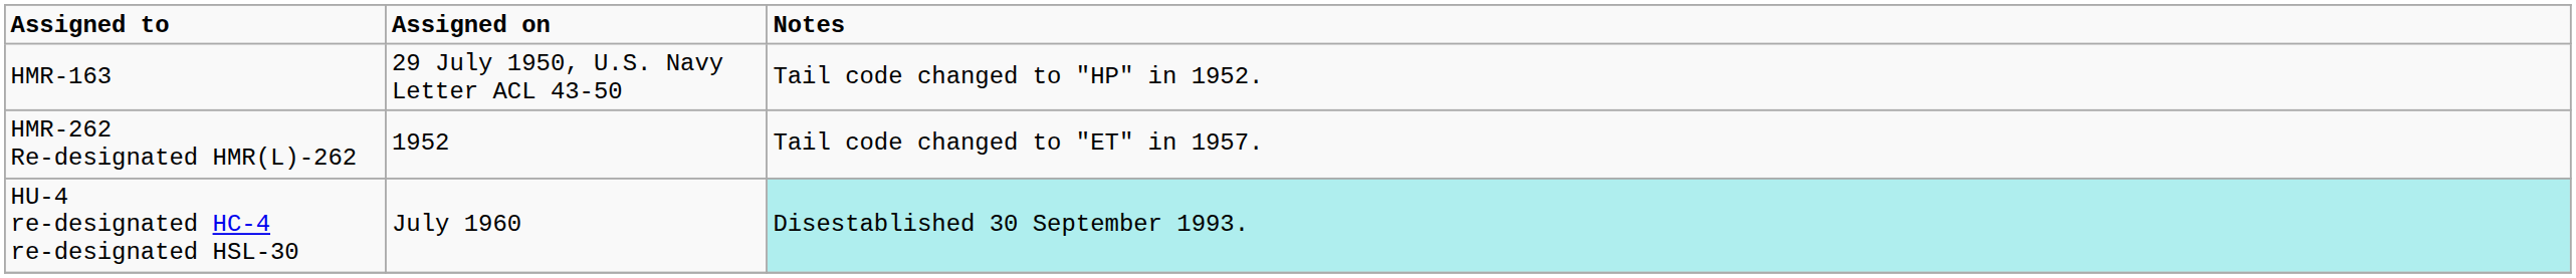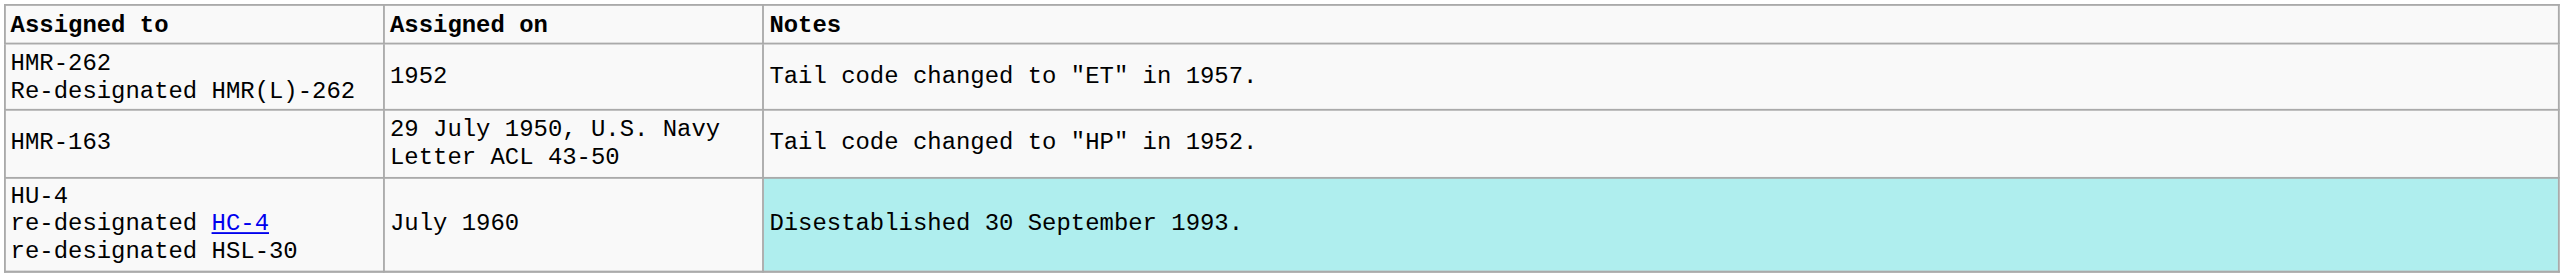 <table class="wikitable" style="width: 70%;">
 <tr>
 <td style="width: 200px;"><strong>Assigned to</strong></td>
 <td style="width: 200px;"><strong>Assigned on</strong></td>
 <td><strong>Notes</strong></td>
 </tr>
 <tr>
+<td>HMR-262<br>Re-designated HMR(L)-262</td>
+<td>1952</td>
+<td>Tail code changed to "ET" in 1957.</td>
+</tr>
+<tr>
 <td>HMR-163</td>
 <td>29 July 1950, U.S. Navy Letter ACL 43-50</td>
 <td>Tail code changed to "HP" in 1952.</td>
-</tr>
-<tr>
-<td>HMR-262<br>Re-designated HMR(L)-262</td>
-<td>1952</td>
-<td>Tail code changed to "ET" in 1957.</td>
 </tr>
 <tr>
 <td>HU-4<br>re-designated <a href='#'>HC-4</a><br> re-designated HSL-30</td>
 <td>July 1960</td>
 <td style="background: paleturquoise;">Disestablished 30 September 1993.</td>
 </tr>
 <tr>
 </tr>
 </table>
